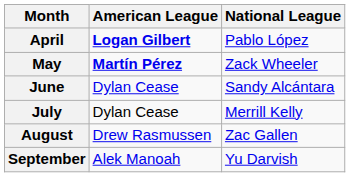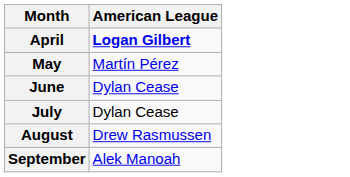 <table class="wikitable">
 <tr>
 <th>Month</th>
 <th>American League</th>
-<th>National League</th>
 </tr>
 <tr>
 <th>April</th>
 <td><strong><a href='#'>Logan Gilbert</a></strong></td>
-<td><a href='#'>Pablo López</a></td>
 </tr>
 <tr>
 <th>May</th>
-<td><strong><a href='#'>Martín Pérez</a></strong></td>
-<td><a href='#'>Zack Wheeler</a></td>
+<td><a href='#'>Martín Pérez</a></td>
 </tr>
 <tr>
 <th>June</th>
 <td><a href='#'>Dylan Cease</a></td>
-<td><a href='#'>Sandy Alcántara</a></td>
 </tr>
 <tr>
 <th>July</th>
 <td>Dylan Cease</td>
-<td><a href='#'>Merrill Kelly</a></td>
 </tr>
 <tr>
 <th>August</th>
 <td><a href='#'>Drew Rasmussen</a></td>
-<td><a href='#'>Zac Gallen</a></td>
 </tr>
 <tr>
 <th>September</th>
 <td><a href='#'>Alek Manoah</a></td>
-<td><a href='#'>Yu Darvish</a></td>
 </tr>
 </table>
